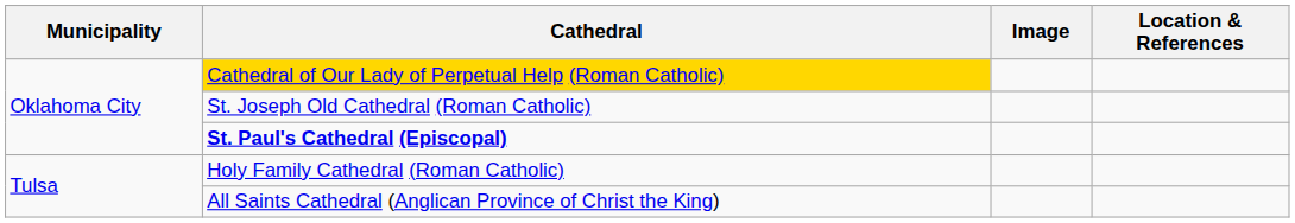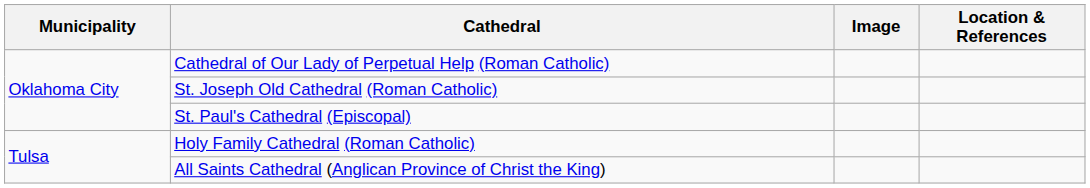 <table width=65% class="wikitable">
 <tr>
 <th width = 10%>Municipality</th>
 <th width = 40%>Cathedral</th>
 <th width = 5%>Image</th>
 <th width = 10%>Location & References</th>
 </tr>
 <tr>
 <td rowspan=3><a href='#'>Oklahoma City</a></td>
-<td style="background: gold;"><a href='#'>Cathedral of Our Lady of Perpetual Help</a> <a href='#'>(Roman Catholic)</a></td>
+<td><a href='#'>Cathedral of Our Lady of Perpetual Help</a> <a href='#'>(Roman Catholic)</a></td>
 <td></td>
 <td><small></small><br></td>
 </tr>
 <tr>
 <td><a href='#'>St. Joseph Old Cathedral</a> <a href='#'>(Roman Catholic)</a></td>
 <td></td>
 <td><small></small><br></td>
 </tr>
 <tr>
-<td><strong><a href='#'>St. Paul's Cathedral</a> <a href='#'>(Episcopal)</a></strong></td>
+<td><a href='#'>St. Paul's Cathedral</a> <a href='#'>(Episcopal)</a></td>
 <td></td>
 <td><small></small><br></td>
 </tr>
 <tr>
 <td rowspan=2><a href='#'>Tulsa</a></td>
 <td><a href='#'>Holy Family Cathedral</a> <a href='#'>(Roman Catholic)</a></td>
 <td></td>
 <td><small></small><br></td>
 </tr>
 <tr>
 <td><a href='#'>All Saints Cathedral</a> (<a href='#'>Anglican Province of Christ the King</a>)</td>
 <td></td>
 <td><small></small><br></td>
 </tr>
 </table>
